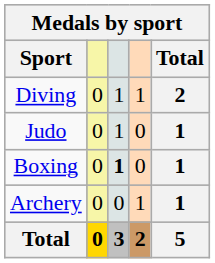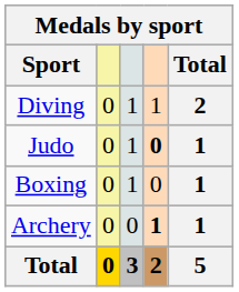 <table class="wikitable" style="font-size:85%">
 <tr style="background:#efefef;">
 <th colspan=7>Medals by sport</th>
 </tr>
 <tr align=center>
 <th>Sport</th>
 <td bgcolor=#f7f6a8></td>
 <td bgcolor=#dce5e5></td>
 <td bgcolor=#ffdab9></td>
 <th>Total</th>
 </tr>
 <tr align=center>
 <td><a href='#'>Diving</a></td>
 <td style="background:#F7F6A8;">0</td>
 <td style="background:#DCE5E5;">1</td>
 <td style="background:#FFDAB9;">1</td>
 <th>2</th>
 </tr>
 <tr align=center>
 <td><a href='#'>Judo</a></td>
 <td style="background:#F7F6A8;">0</td>
 <td style="background:#DCE5E5;">1</td>
-<td style="background:#FFDAB9;">0</td>
+<td style="background:#FFDAB9;"><strong>0</strong></td>
 <th>1</th>
 </tr>
 <tr align=center>
 <td><a href='#'>Boxing</a></td>
 <td style="background:#F7F6A8;">0</td>
-<td style="background:#DCE5E5;"><strong>1</strong></td>
+<td style="background:#DCE5E5;">1</td>
 <td style="background:#FFDAB9;">0</td>
 <th>1</th>
 </tr>
 <tr align=center>
 <td><a href='#'>Archery</a></td>
 <td style="background:#F7F6A8;">0</td>
 <td style="background:#DCE5E5;">0</td>
-<td style="background:#FFDAB9;">1</td>
+<td style="background:#FFDAB9;"><strong>1</strong></td>
 <th>1</th>
 </tr>
 <tr align=center>
 <th>Total</th>
 <th style="background:gold;">0</th>
 <th style="background:silver;">3</th>
 <th style="background:#c96;">2</th>
 <th>5</th>
 </tr>
 </table>
